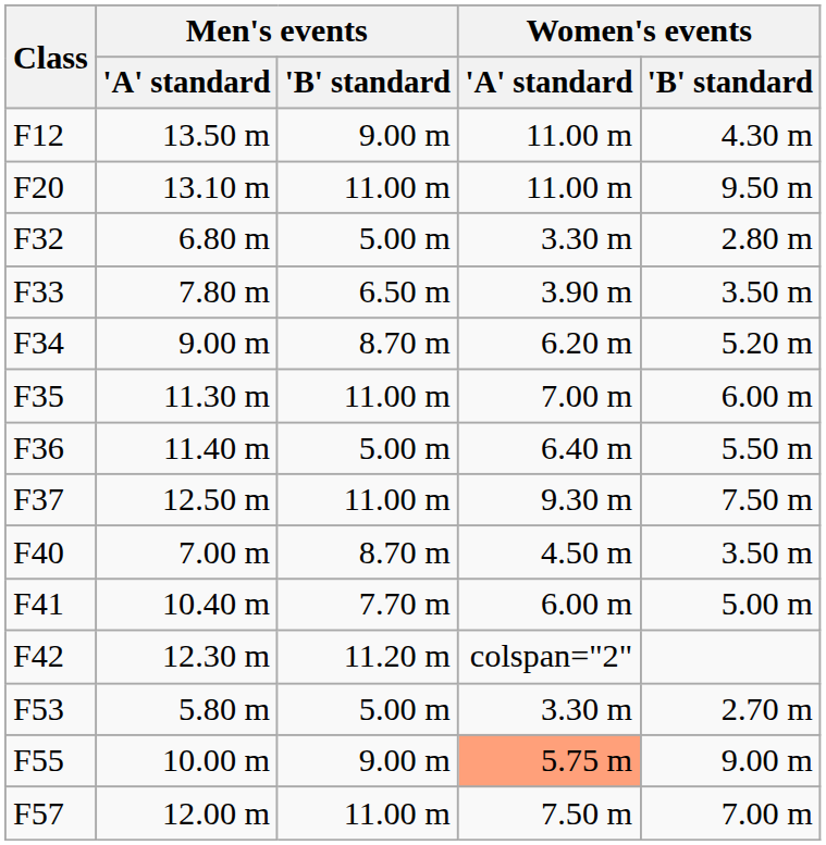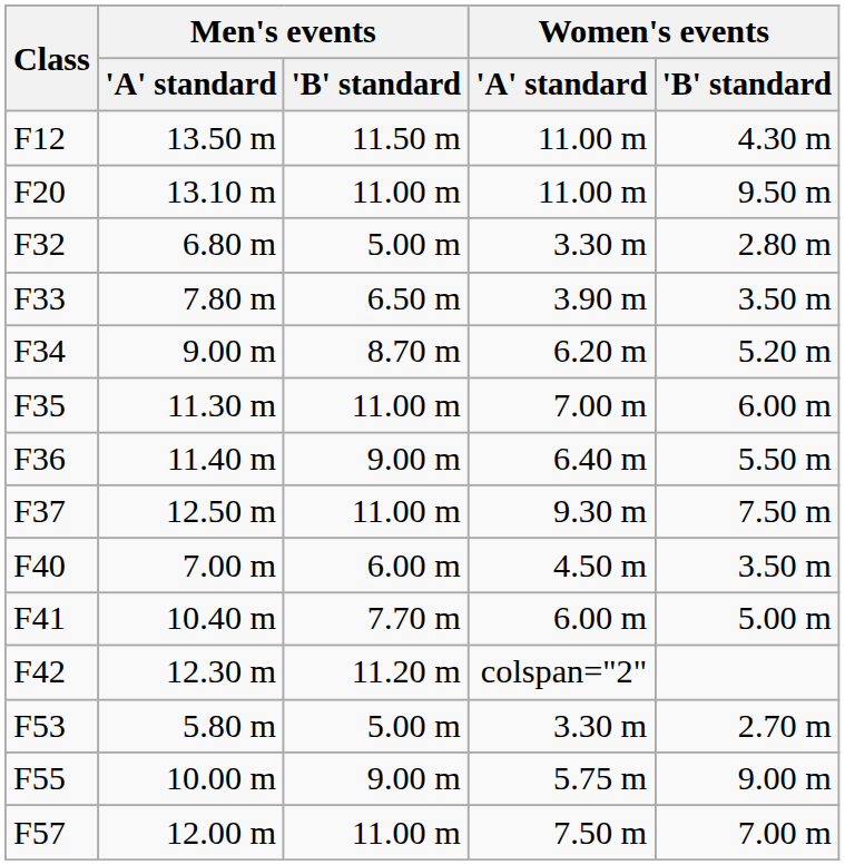 <table class="wikitable" style="text-align:right">
 <tr>
 <th rowspan="2">Class</th>
 <th colspan="2">Men's events</th>
 <th colspan="2">Women's events</th>
 </tr>
 <tr style="font-size:95%">
 <th>'A' standard</th>
 <th>'B' standard</th>
 <th>'A' standard</th>
 <th>'B' standard</th>
 </tr>
 <tr>
 <td style="text-align:left">F12</td>
 <td>13.50 m</td>
-<td>9.00 m</td>
+<td>11.50 m</td>
 <td>11.00 m</td>
 <td>4.30 m</td>
 </tr>
 <tr>
 <td style="text-align:left">F20</td>
 <td>13.10 m</td>
 <td>11.00 m</td>
 <td>11.00 m</td>
 <td>9.50 m</td>
 </tr>
 <tr>
 <td style="text-align:left">F32</td>
 <td>6.80 m</td>
 <td>5.00 m</td>
 <td>3.30 m</td>
 <td>2.80 m</td>
 </tr>
 <tr>
 <td style="text-align:left">F33</td>
 <td>7.80 m</td>
 <td>6.50 m</td>
 <td>3.90 m</td>
 <td>3.50 m</td>
 </tr>
 <tr>
 <td style="text-align:left">F34</td>
 <td>9.00 m</td>
 <td>8.70 m</td>
 <td>6.20 m</td>
 <td>5.20 m</td>
 </tr>
 <tr>
 <td style="text-align:left">F35</td>
 <td>11.30 m</td>
 <td>11.00 m</td>
 <td>7.00 m</td>
 <td>6.00 m</td>
 </tr>
 <tr>
 <td style="text-align:left">F36</td>
 <td>11.40 m</td>
-<td>5.00 m</td>
+<td>9.00 m</td>
 <td>6.40 m</td>
 <td>5.50 m</td>
 </tr>
 <tr>
 <td style="text-align:left">F37</td>
 <td>12.50 m</td>
 <td>11.00 m</td>
 <td>9.30 m</td>
 <td>7.50 m</td>
 </tr>
 <tr>
 <td style="text-align:left">F40</td>
 <td>7.00 m</td>
-<td>8.70 m</td>
+<td>6.00 m</td>
 <td>4.50 m</td>
 <td>3.50 m</td>
 </tr>
 <tr>
 <td style="text-align:left">F41</td>
 <td>10.40 m</td>
 <td>7.70 m</td>
 <td>6.00 m</td>
 <td>5.00 m</td>
 </tr>
 <tr>
 <td style="text-align:left">F42</td>
 <td>12.30 m</td>
 <td>11.20 m</td>
 <td>colspan="2" </td>
 </tr>
 <tr>
 <td style="text-align:left">F53</td>
 <td>5.80 m</td>
 <td>5.00 m</td>
 <td>3.30 m</td>
 <td>2.70 m</td>
 </tr>
 <tr>
 <td style="text-align:left">F55</td>
 <td>10.00 m</td>
 <td>9.00 m</td>
-<td style="background: lightsalmon;">5.75 m</td>
+<td>5.75 m</td>
 <td>9.00 m</td>
 </tr>
 <tr>
 <td style="text-align:left">F57</td>
 <td>12.00 m</td>
 <td>11.00 m</td>
 <td>7.50 m</td>
 <td>7.00 m</td>
 </tr>
 </table>
